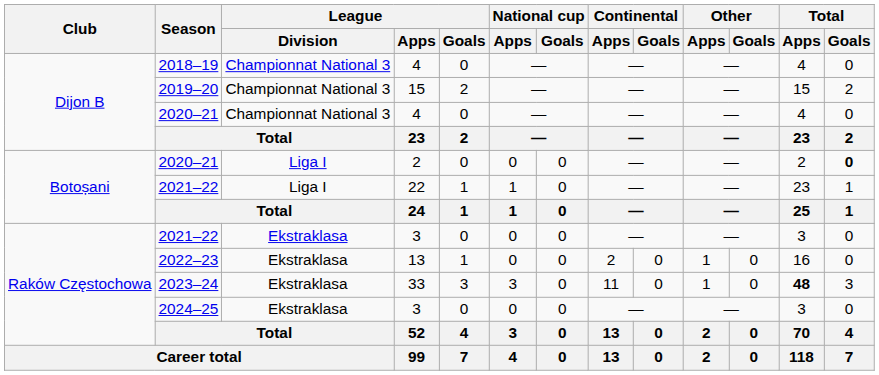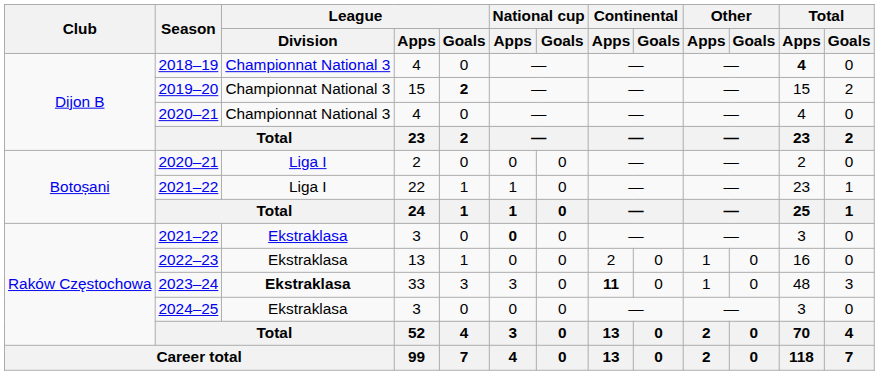 <table class=wikitable style=text-align:center>
 <tr>
 <th rowspan="2">Club</th>
 <th rowspan="2">Season</th>
 <th colspan="3">League</th>
 <th colspan="2">National cup</th>
 <th colspan="2">Continental</th>
 <th colspan="2">Other</th>
 <th colspan="2">Total</th>
 </tr>
 <tr>
 <th>Division</th>
 <th>Apps</th>
 <th>Goals</th>
 <th>Apps</th>
 <th>Goals</th>
 <th>Apps</th>
 <th>Goals</th>
 <th>Apps</th>
 <th>Goals</th>
 <th>Apps</th>
 <th>Goals</th>
 </tr>
 <tr>
 <td rowspan="4"><a href='#'>Dijon B</a></td>
 <td><a href='#'>2018–19</a></td>
 <td><a href='#'>Championnat National 3</a></td>
 <td>4</td>
 <td>0</td>
 <td colspan="2">—</td>
 <td colspan="2">—</td>
 <td colspan="2">—</td>
-<td>4</td>
+<td><strong>4</strong></td>
 <td>0</td>
 </tr>
 <tr>
 <td><a href='#'>2019–20</a></td>
 <td>Championnat National 3</td>
 <td>15</td>
-<td>2</td>
+<td><strong>2</strong></td>
 <td colspan="2">—</td>
 <td colspan="2">—</td>
 <td colspan="2">—</td>
 <td>15</td>
 <td>2</td>
 </tr>
 <tr>
 <td><a href='#'>2020–21</a></td>
 <td>Championnat National 3</td>
 <td>4</td>
 <td>0</td>
 <td colspan="2">—</td>
 <td colspan="2">—</td>
 <td colspan="2">—</td>
 <td>4</td>
 <td>0</td>
 </tr>
 <tr>
 <th colspan="2">Total</th>
 <th>23</th>
 <th>2</th>
 <th colspan="2">—</th>
 <th colspan="2">—</th>
 <th colspan="2">—</th>
 <th>23</th>
 <th>2</th>
 </tr>
 <tr>
 <td rowspan="3"><a href='#'>Botoșani</a></td>
 <td><a href='#'>2020–21</a></td>
 <td><a href='#'>Liga I</a></td>
 <td>2</td>
 <td>0</td>
 <td>0</td>
 <td>0</td>
 <td colspan="2">—</td>
 <td colspan="2">—</td>
 <td>2</td>
-<td><strong>0</strong></td>
+<td>0</td>
 </tr>
 <tr>
 <td><a href='#'>2021–22</a></td>
 <td>Liga I</td>
 <td>22</td>
 <td>1</td>
 <td>1</td>
 <td>0</td>
 <td colspan="2">—</td>
 <td colspan="2">—</td>
 <td>23</td>
 <td>1</td>
 </tr>
 <tr>
 <th colspan="2">Total</th>
 <th>24</th>
 <th>1</th>
 <th>1</th>
 <th>0</th>
 <th colspan="2">—</th>
 <th colspan="2">—</th>
 <th>25</th>
 <th>1</th>
 </tr>
 <tr>
 <td rowspan="5"><a href='#'>Raków Częstochowa</a></td>
 <td><a href='#'>2021–22</a></td>
 <td><a href='#'>Ekstraklasa</a></td>
 <td>3</td>
 <td>0</td>
-<td>0</td>
+<td><strong>0</strong></td>
 <td>0</td>
 <td colspan="2">—</td>
 <td colspan="2">—</td>
 <td>3</td>
 <td>0</td>
 </tr>
 <tr>
 <td><a href='#'>2022–23</a></td>
 <td>Ekstraklasa</td>
 <td>13</td>
 <td>1</td>
 <td>0</td>
 <td>0</td>
 <td>2</td>
 <td>0</td>
 <td>1</td>
 <td>0</td>
 <td>16</td>
 <td>0</td>
 </tr>
 <tr>
 <td><a href='#'>2023–24</a></td>
-<td>Ekstraklasa</td>
+<td><strong>Ekstraklasa</strong></td>
 <td>33</td>
 <td>3</td>
 <td>3</td>
 <td>0</td>
-<td>11</td>
+<td><strong>11</strong></td>
 <td>0</td>
 <td>1</td>
 <td>0</td>
-<td><strong>48</strong></td>
+<td>48</td>
 <td>3</td>
 </tr>
 <tr>
 <td><a href='#'>2024–25</a></td>
 <td>Ekstraklasa</td>
 <td>3</td>
 <td>0</td>
 <td>0</td>
 <td>0</td>
 <td colspan="2">—</td>
 <td colspan="2">—</td>
 <td>3</td>
 <td>0</td>
 </tr>
 <tr>
 <th colspan="2">Total</th>
 <th>52</th>
 <th>4</th>
 <th>3</th>
 <th>0</th>
 <th>13</th>
 <th>0</th>
 <th>2</th>
 <th>0</th>
 <th>70</th>
 <th>4</th>
 </tr>
 <tr>
 <th colspan="3">Career total</th>
 <th>99</th>
 <th>7</th>
 <th>4</th>
 <th>0</th>
 <th>13</th>
 <th>0</th>
 <th>2</th>
 <th>0</th>
 <th>118</th>
 <th>7</th>
 </tr>
 </table>
